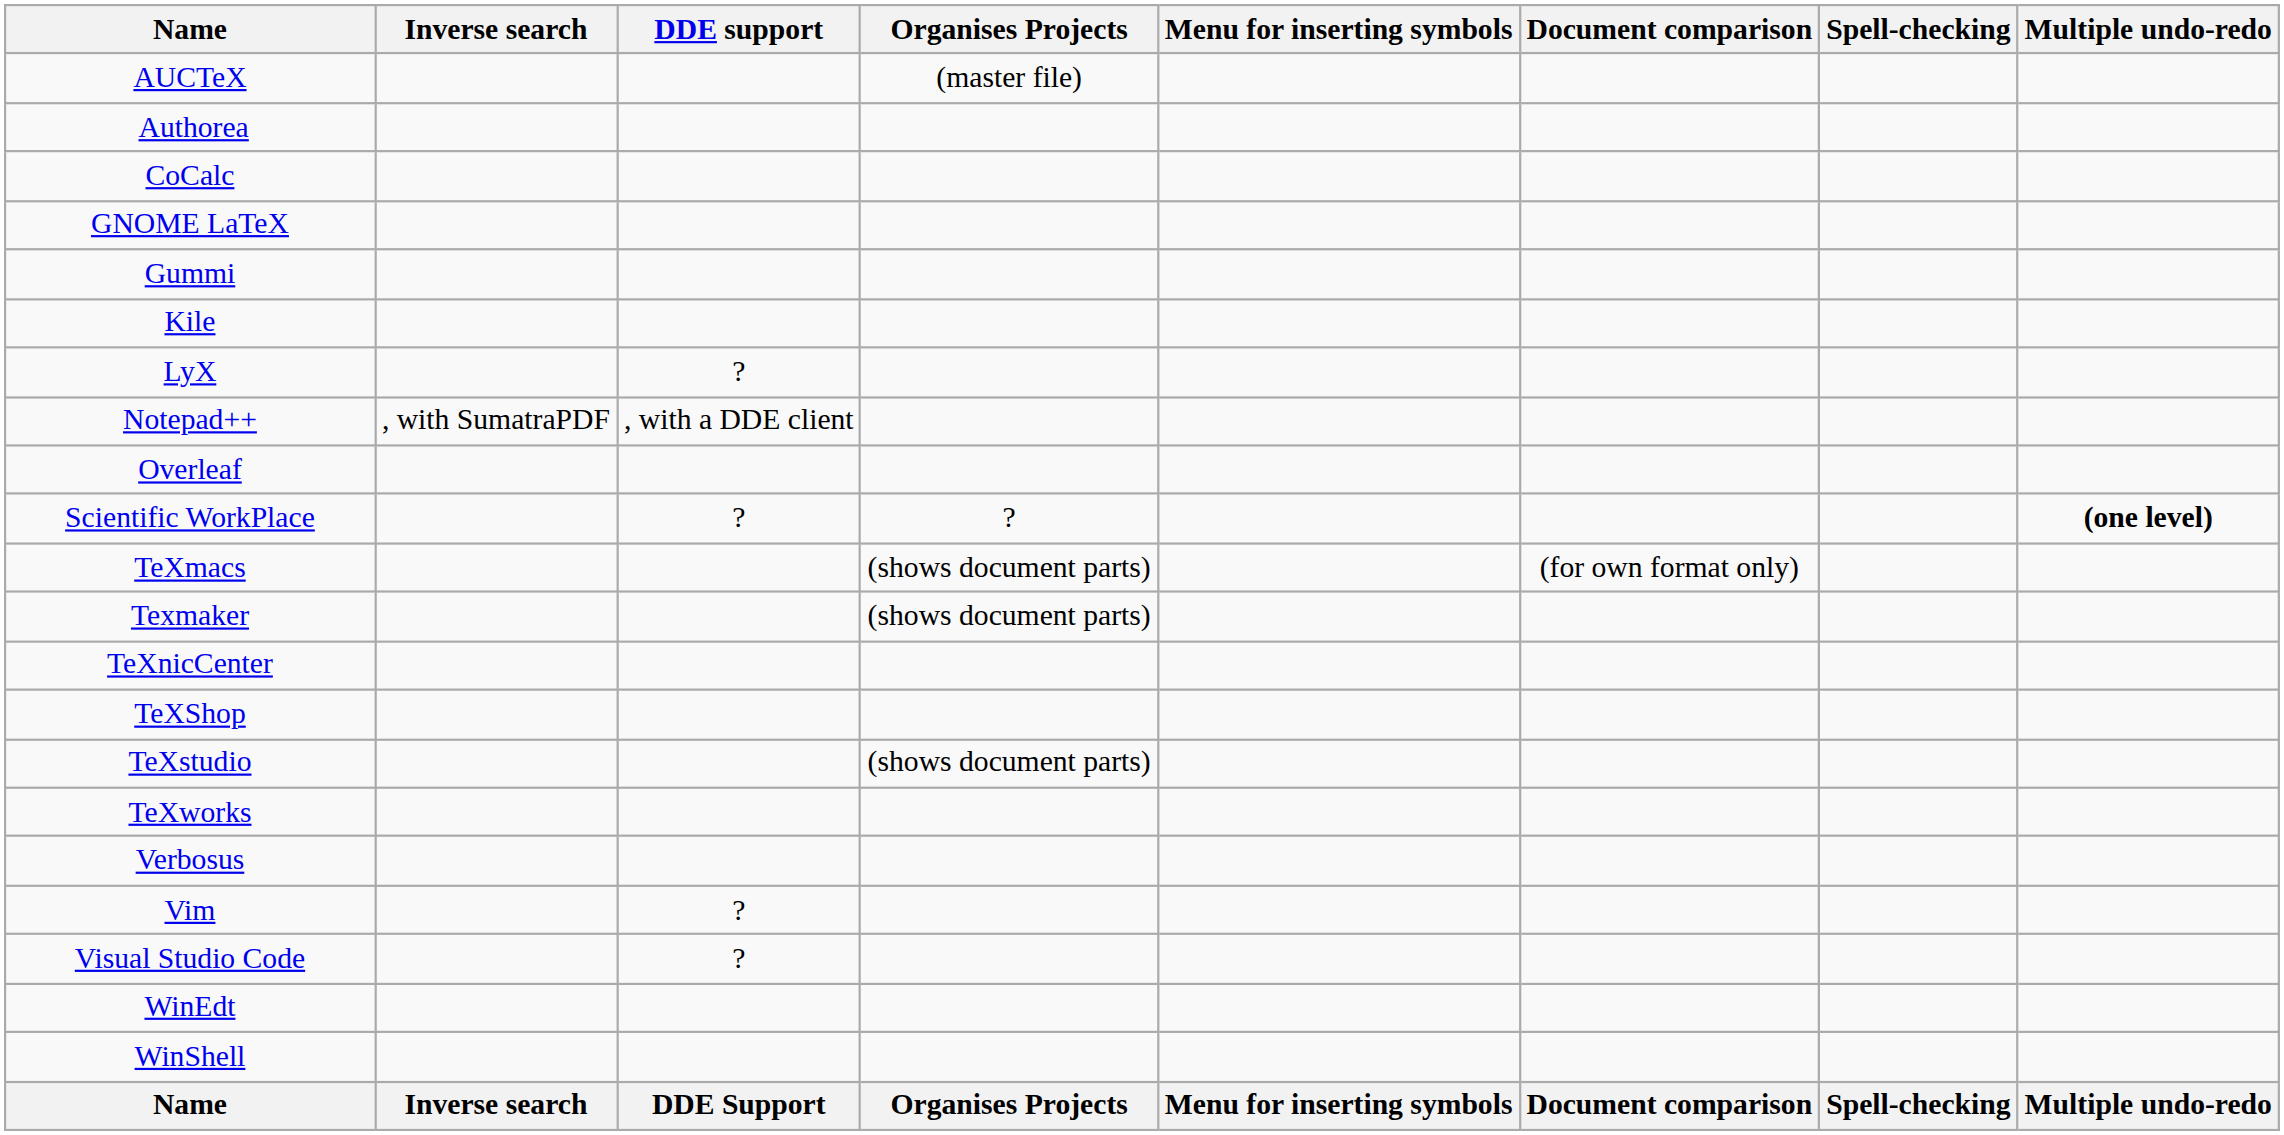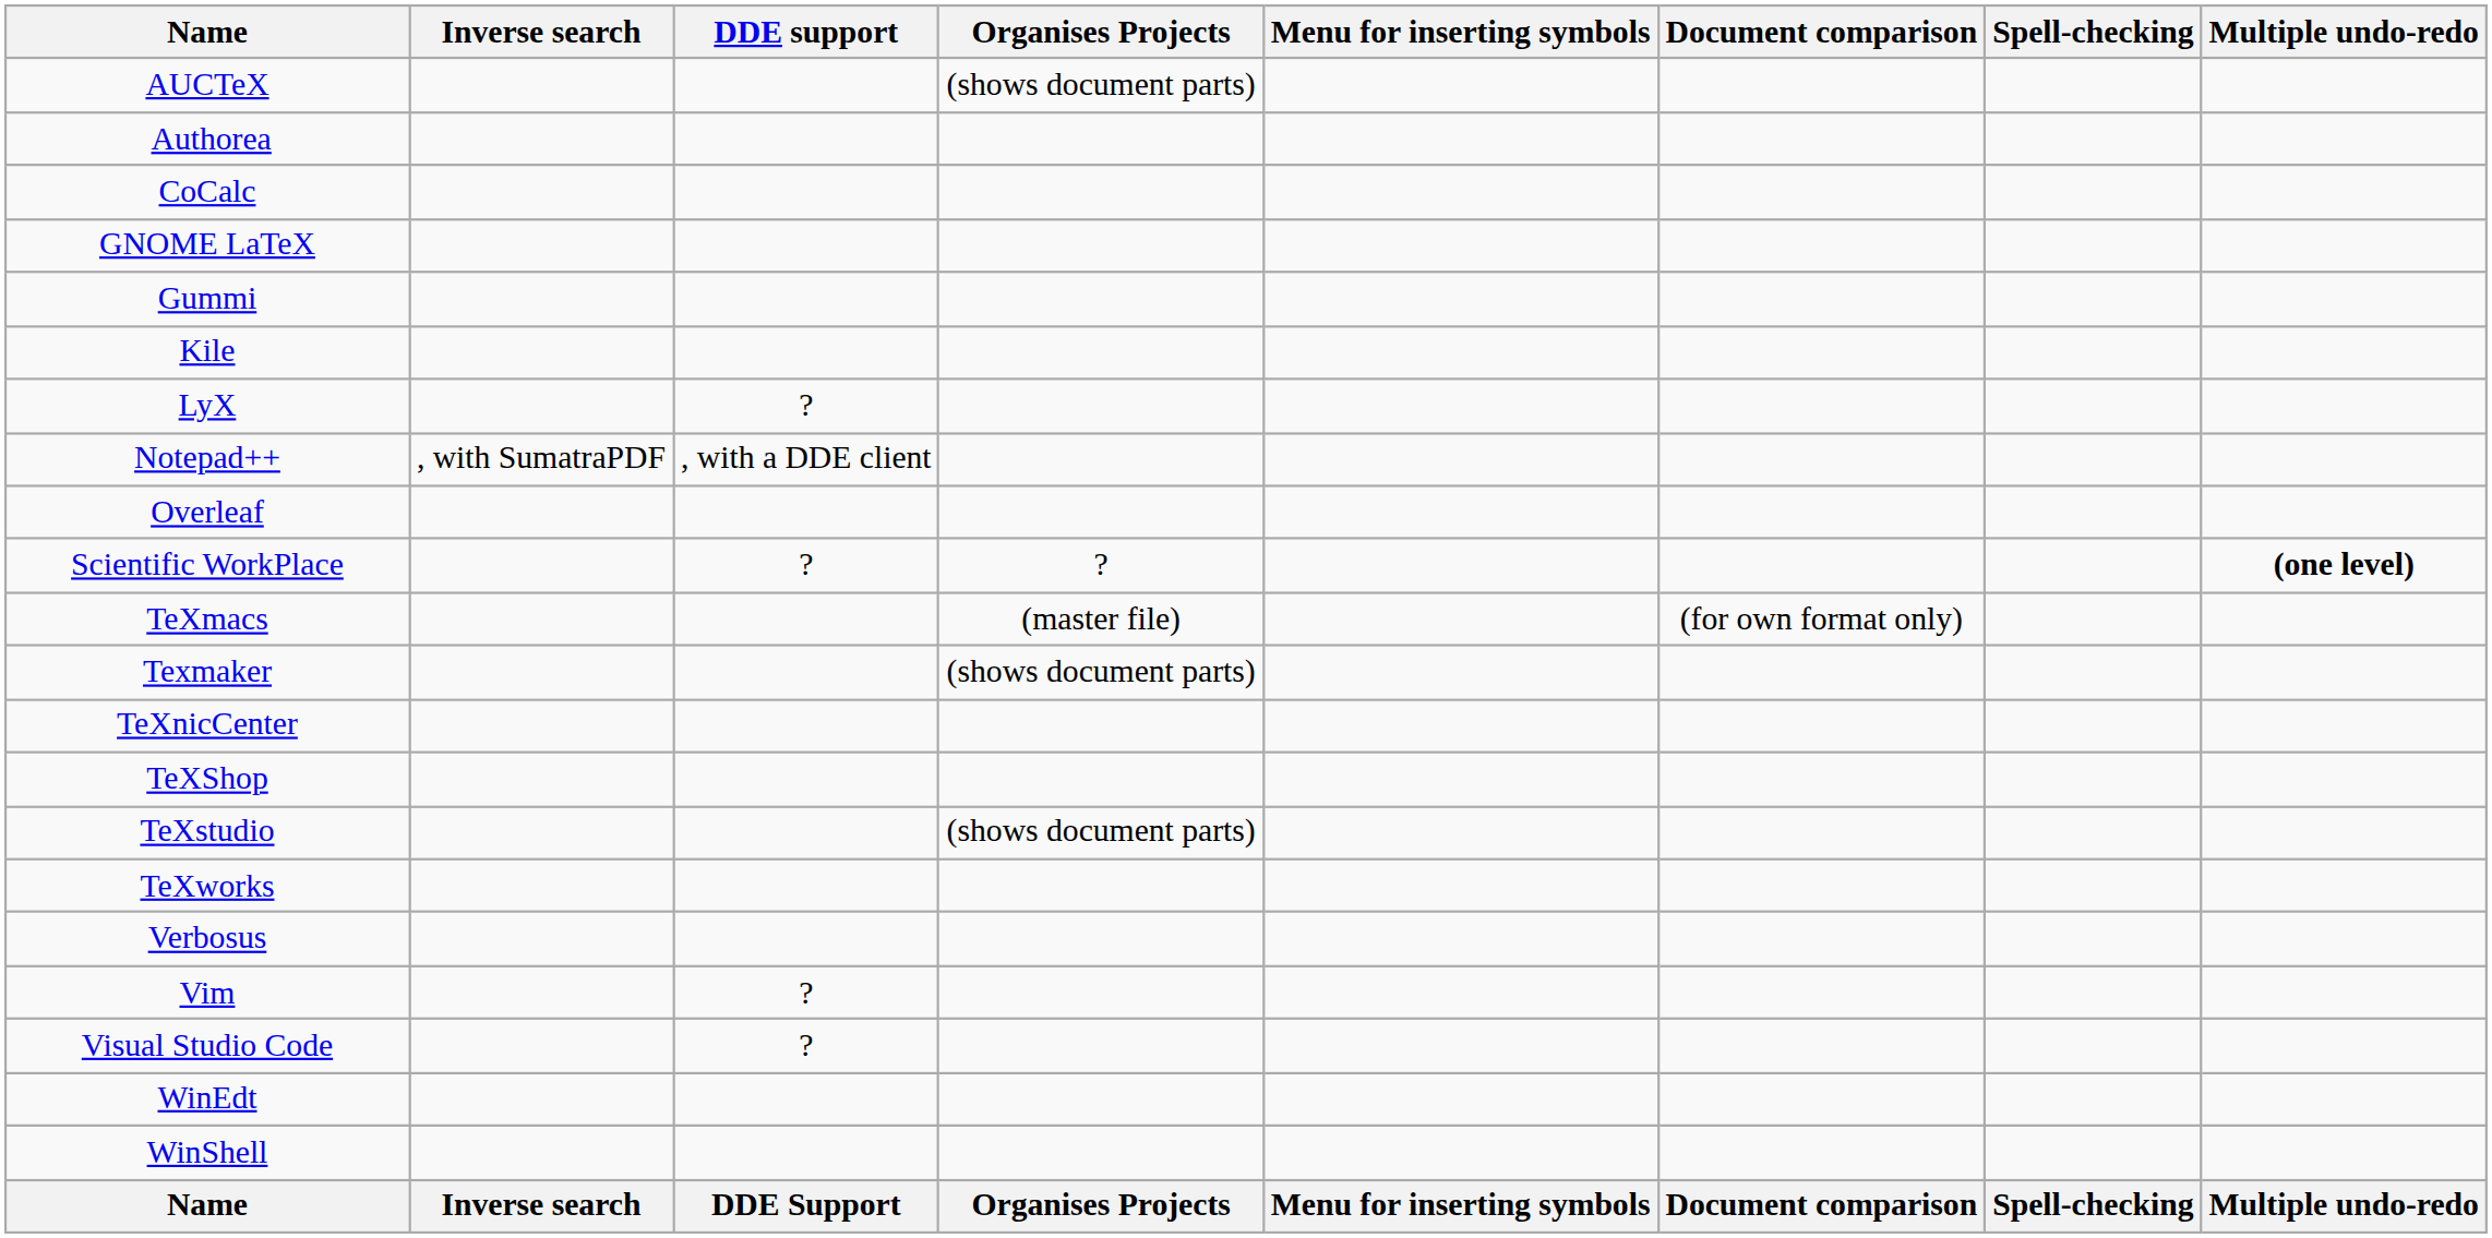 <table class="wikitable sortable" style="text-align: center; font-size: 85%; width: auto; table-layout: fixed;">
 <tr>
 <th style="width: 12em">Name</th>
 <th>Inverse search</th>
 <th><a href='#'>DDE</a> support</th>
 <th>Organises Projects</th>
 <th>Menu for inserting symbols</th>
 <th>Document comparison</th>
 <th>Spell-checking</th>
 <th>Multiple undo-redo<br></th>
 </tr>
 <tr>
 <td><a href='#'>AUCTeX</a></td>
 <td></td>
 <td></td>
-<td> (master file)</td>
+<td> (shows document parts)</td>
 <td></td>
 <td></td>
 <td></td>
 <td><br></td>
 </tr>
 <tr>
 <td>  <a href='#'>Authorea</a> </td>
 <td></td>
 <td></td>
 <td></td>
 <td></td>
 <td></td>
 <td></td>
 <td><br></td>
 </tr>
 <tr>
 <td><a href='#'>CoCalc</a></td>
 <td></td>
 <td></td>
 <td></td>
 <td></td>
 <td></td>
 <td></td>
 <td><br></td>
 </tr>
 <tr>
 <td><a href='#'>GNOME LaTeX</a></td>
 <td></td>
 <td></td>
 <td></td>
 <td></td>
 <td></td>
 <td></td>
 <td><br></td>
 </tr>
 <tr>
 <td><a href='#'>Gummi</a></td>
 <td></td>
 <td></td>
 <td></td>
 <td></td>
 <td></td>
 <td></td>
 <td><br></td>
 </tr>
 <tr>
 <td><a href='#'>Kile</a></td>
 <td></td>
 <td></td>
 <td></td>
 <td></td>
 <td></td>
 <td></td>
 <td><br></td>
 </tr>
 <tr>
 <td><a href='#'>LyX</a></td>
 <td></td>
 <td>?</td>
 <td></td>
 <td></td>
 <td></td>
 <td></td>
 <td><br></td>
 </tr>
 <tr>
 <td><a href='#'>Notepad++</a></td>
 <td>, with SumatraPDF</td>
 <td>, with a DDE client</td>
 <td></td>
 <td></td>
 <td></td>
 <td></td>
 <td><br></td>
 </tr>
 <tr>
 <td><a href='#'>Overleaf</a></td>
 <td></td>
 <td></td>
 <td></td>
 <td></td>
 <td></td>
 <td></td>
 <td><br></td>
 </tr>
 <tr>
 <td><a href='#'>Scientific WorkPlace</a></td>
 <td></td>
 <td>?</td>
 <td>?</td>
 <td></td>
 <td></td>
 <td></td>
 <td><strong> (one level)<br> </strong></td>
 </tr>
 <tr>
 <td><a href='#'>TeXmacs</a></td>
 <td></td>
 <td></td>
-<td> (shows document parts)</td>
+<td> (master file)</td>
 <td></td>
 <td> (for own format only)</td>
 <td></td>
 <td><br></td>
 </tr>
 <tr>
 <td><a href='#'>Texmaker</a></td>
 <td></td>
 <td></td>
 <td> (shows document parts)</td>
 <td></td>
 <td></td>
 <td></td>
 <td><br></td>
 </tr>
 <tr>
 <td><a href='#'>TeXnicCenter</a></td>
 <td></td>
 <td></td>
 <td></td>
 <td></td>
 <td></td>
 <td></td>
 <td><br> </td>
 </tr>
 <tr>
 <td><a href='#'>TeXShop</a></td>
 <td></td>
 <td></td>
 <td></td>
 <td></td>
 <td></td>
 <td></td>
 <td><br></td>
 </tr>
 <tr>
 <td><a href='#'>TeXstudio</a></td>
 <td></td>
 <td></td>
 <td> (shows document parts)</td>
 <td></td>
 <td></td>
 <td></td>
 <td><br></td>
 </tr>
 <tr>
 <td><a href='#'>TeXworks</a></td>
 <td></td>
 <td></td>
 <td></td>
 <td></td>
 <td></td>
 <td> </td>
 <td><br></td>
 </tr>
 <tr>
 <td><a href='#'>Verbosus</a></td>
 <td></td>
 <td></td>
 <td></td>
 <td></td>
 <td></td>
 <td></td>
 <td><br></td>
 </tr>
 <tr>
 <td><a href='#'>Vim</a></td>
 <td></td>
 <td>?</td>
 <td></td>
 <td></td>
 <td></td>
 <td></td>
 <td></td>
 </tr>
 <tr>
 <td><a href='#'>Visual Studio Code</a></td>
 <td></td>
 <td>?</td>
 <td></td>
 <td></td>
 <td></td>
 <td></td>
 <td><br></td>
 </tr>
 <tr>
 <td><a href='#'>WinEdt</a></td>
 <td></td>
 <td></td>
 <td></td>
 <td></td>
 <td></td>
 <td></td>
 <td><br></td>
 </tr>
 <tr>
 <td><a href='#'>WinShell</a></td>
 <td></td>
 <td></td>
 <td></td>
 <td></td>
 <td></td>
 <td></td>
 <td><br></td>
 </tr>
 <tr class="sortbottom">
 <th>Name</th>
 <th>Inverse search</th>
 <th>DDE Support</th>
 <th>Organises Projects</th>
 <th>Menu for inserting symbols</th>
 <th>Document comparison</th>
 <th>Spell-checking</th>
 <th>Multiple undo-redo</th>
 </tr>
 </table>
